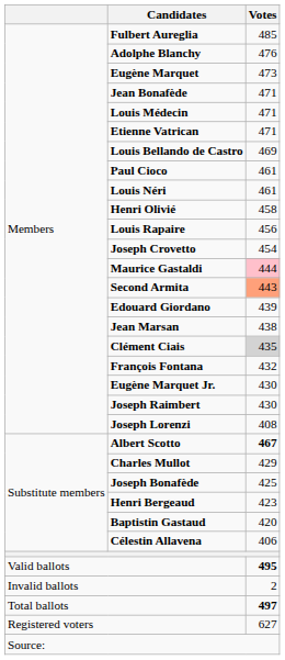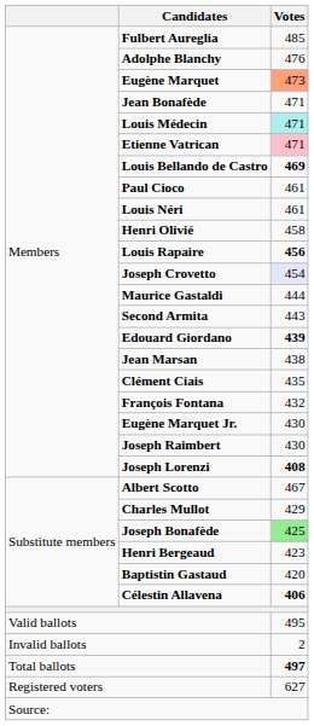 <table class="wikitable" style="text-align:right">
 <tr>
 <th></th>
 <th>Candidates</th>
 <th>Votes</th>
 </tr>
 <tr>
 <td rowspan=21 align=left>Members</td>
 <td align=left><strong>Fulbert Aureglia</strong></td>
 <td>485</td>
 </tr>
 <tr>
 <td align=left><strong>Adolphe Blanchy</strong></td>
 <td>476</td>
 </tr>
 <tr>
 <td align=left><strong>Eugène Marquet</strong></td>
-<td>473</td>
+<td style="background: lightsalmon;">473</td>
 </tr>
 <tr>
 <td align=left><strong>Jean Bonafède</strong></td>
 <td>471</td>
 </tr>
 <tr>
 <td align=left><strong>Louis Médecin</strong></td>
-<td>471</td>
+<td style="background: paleturquoise;">471</td>
 </tr>
 <tr>
 <td align=left><strong>Etienne Vatrican</strong></td>
-<td>471</td>
+<td style="background: pink;">471</td>
 </tr>
 <tr>
 <td align=left><strong>Louis Bellando de Castro</strong></td>
-<td>469</td>
+<td><strong>469</strong></td>
 </tr>
 <tr>
 <td align=left><strong>Paul Cioco</strong></td>
 <td>461</td>
 </tr>
 <tr>
 <td align=left><strong>Louis Néri</strong></td>
 <td>461</td>
 </tr>
 <tr>
 <td align=left><strong>Henri Olivié</strong></td>
 <td>458</td>
 </tr>
 <tr>
 <td align=left><strong>Louis Rapaire</strong></td>
-<td>456</td>
+<td><strong>456</strong></td>
 </tr>
 <tr>
 <td align=left><strong>Joseph Crovetto</strong></td>
-<td>454</td>
+<td style="background: lavender;">454</td>
 </tr>
 <tr>
 <td align=left><strong>Maurice Gastaldi</strong></td>
-<td style="background: pink;">444</td>
+<td>444</td>
 </tr>
 <tr>
 <td align=left><strong>Second Armita</strong></td>
-<td style="background: lightsalmon;">443</td>
+<td>443</td>
 </tr>
 <tr>
 <td align=left><strong>Edouard Giordano</strong></td>
-<td>439</td>
+<td><strong>439</strong></td>
 </tr>
 <tr>
 <td align=left><strong>Jean Marsan</strong></td>
 <td>438</td>
 </tr>
 <tr>
 <td align=left><strong>Clément Ciais</strong></td>
-<td style="background: lightgrey;">435</td>
+<td>435</td>
 </tr>
 <tr>
 <td align=left><strong>François Fontana</strong></td>
 <td>432</td>
 </tr>
 <tr>
 <td align=left><strong>Eugène Marquet Jr.</strong></td>
 <td>430</td>
 </tr>
 <tr>
 <td align=left><strong>Joseph Raimbert</strong></td>
 <td>430</td>
 </tr>
 <tr>
 <td align=left><strong>Joseph Lorenzi</strong></td>
-<td>408</td>
+<td><strong>408</strong></td>
 </tr>
 <tr>
 <td rowspan=6 align=left>Substitute members</td>
 <td align=left><strong>Albert Scotto</strong></td>
-<td><strong>467</strong></td>
+<td>467</td>
 </tr>
 <tr>
 <td align=left><strong>Charles Mullot</strong></td>
 <td>429</td>
 </tr>
 <tr>
 <td align=left><strong>Joseph Bonafède</strong></td>
-<td>425</td>
+<td style="background: lightgreen;">425</td>
 </tr>
 <tr>
 <td align=left><strong>Henri Bergeaud</strong></td>
 <td>423</td>
 </tr>
 <tr>
 <td align=left><strong>Baptistin Gastaud</strong></td>
 <td>420</td>
 </tr>
 <tr>
 <td align=left><strong>Célestin Allavena</strong></td>
-<td>406</td>
+<td><strong>406</strong></td>
 </tr>
 <tr>
 <th colspan=3></th>
 </tr>
 <tr>
 <td colspan=2 align=left>Valid ballots</td>
-<td><strong>495</strong></td>
+<td>495</td>
 </tr>
 <tr>
 <td colspan=2 align=left>Invalid ballots</td>
 <td>2</td>
 </tr>
 <tr>
 <td colspan=2 align=left>Total ballots</td>
 <td><strong>497</strong></td>
 </tr>
 <tr>
 <td colspan=2 align=left>Registered voters</td>
 <td>627</td>
 </tr>
 <tr>
 <td colspan=3 align=left>Source:</td>
 </tr>
 </table>
